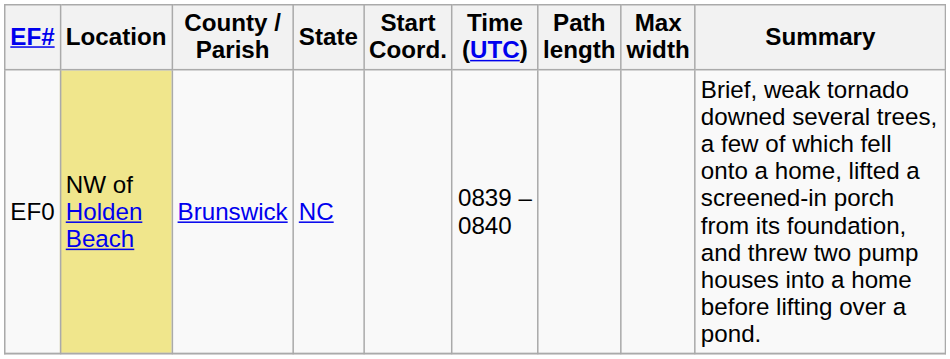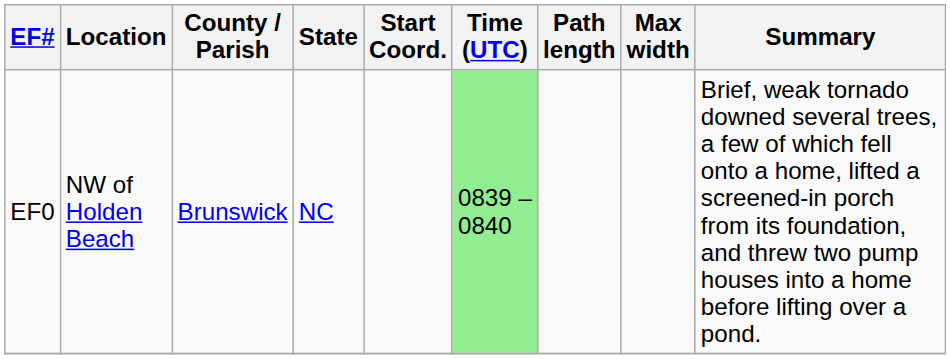 <table class="wikitable sortable" style="width:100%;">
 <tr>
 <th scope="col" width="3%" align="center"><a href='#'>EF#</a></th>
 <th scope="col" width="7%" align="center" class="unsortable">Location</th>
 <th scope="col" width="6%" align="center" class="unsortable">County / Parish</th>
 <th scope="col" width="5%" align="center">State</th>
 <th scope="col" width="6%" align="center">Start Coord.</th>
 <th scope="col" width="6%" align="center">Time (<a href='#'>UTC</a>)</th>
 <th scope="col" width="6%" align="center">Path length</th>
 <th scope="col" width="6%" align="center">Max width</th>
 <th scope="col" width="48%" class="unsortable" align="center">Summary</th>
 </tr>
 <tr>
 <td>EF0</td>
-<td style="background: khaki;">NW of <a href='#'>Holden Beach</a></td>
+<td>NW of <a href='#'>Holden Beach</a></td>
 <td><a href='#'>Brunswick</a></td>
 <td><a href='#'>NC</a></td>
 <td></td>
-<td>0839 – 0840</td>
+<td style="background: lightgreen;">0839 – 0840</td>
 <td></td>
 <td></td>
 <td>Brief, weak tornado downed several trees, a few of which fell onto a home, lifted a screened-in porch from its foundation, and threw two pump houses into a home before lifting over a pond.</td>
 </tr>
 <tr>
 </tr>
 </table>
